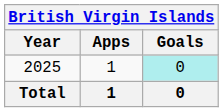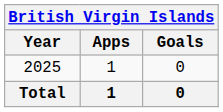 <table class="wikitable" style="text-align:center">
 <tr>
 <th colspan=3><a href='#'>British Virgin Islands</a></th>
 </tr>
 <tr>
 <th>Year</th>
 <th>Apps</th>
 <th>Goals</th>
 </tr>
 <tr>
 <td>2025</td>
 <td>1</td>
-<td style="background: paleturquoise;">0</td>
+<td>0</td>
 </tr>
 <tr>
 <th>Total</th>
 <th>1</th>
 <th>0</th>
 </tr>
 </table>
